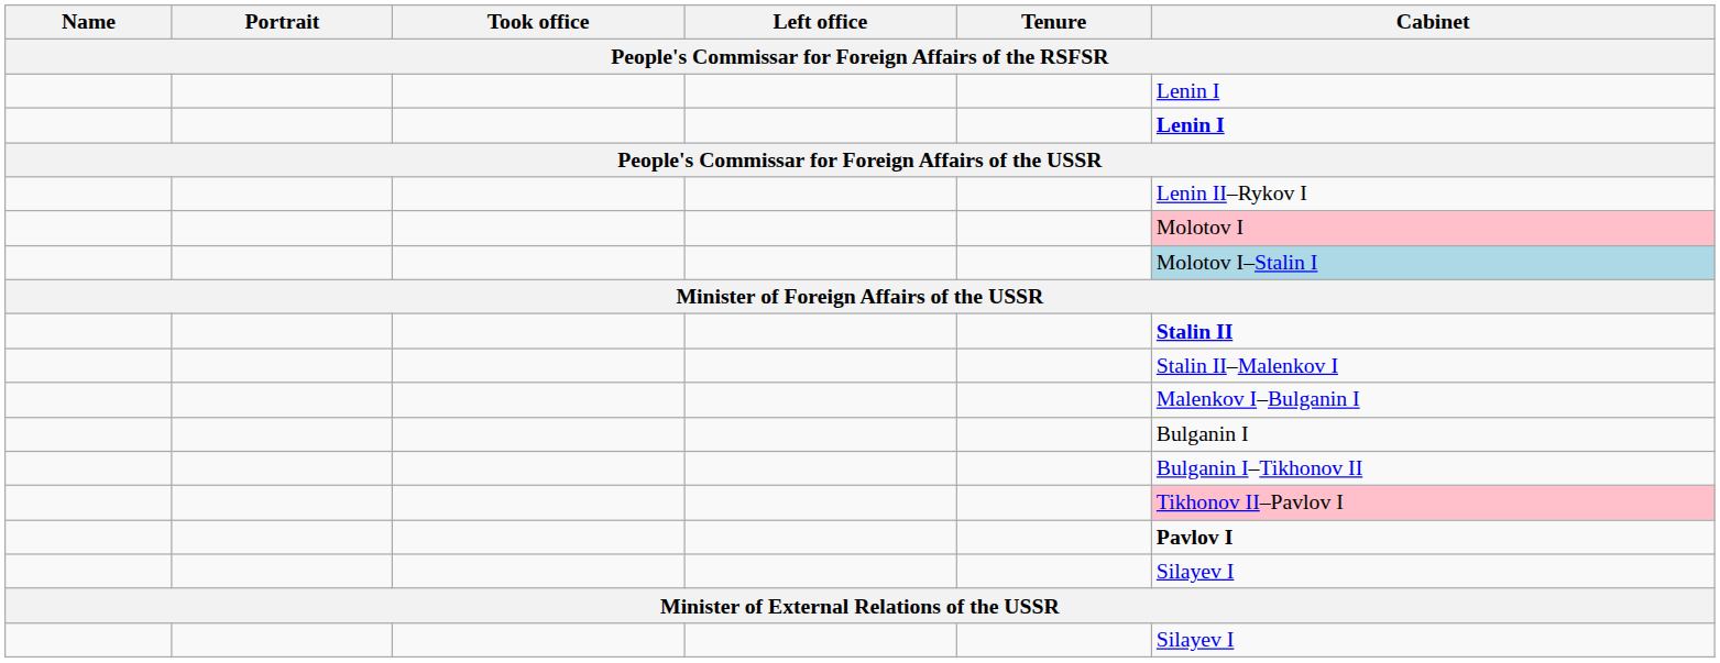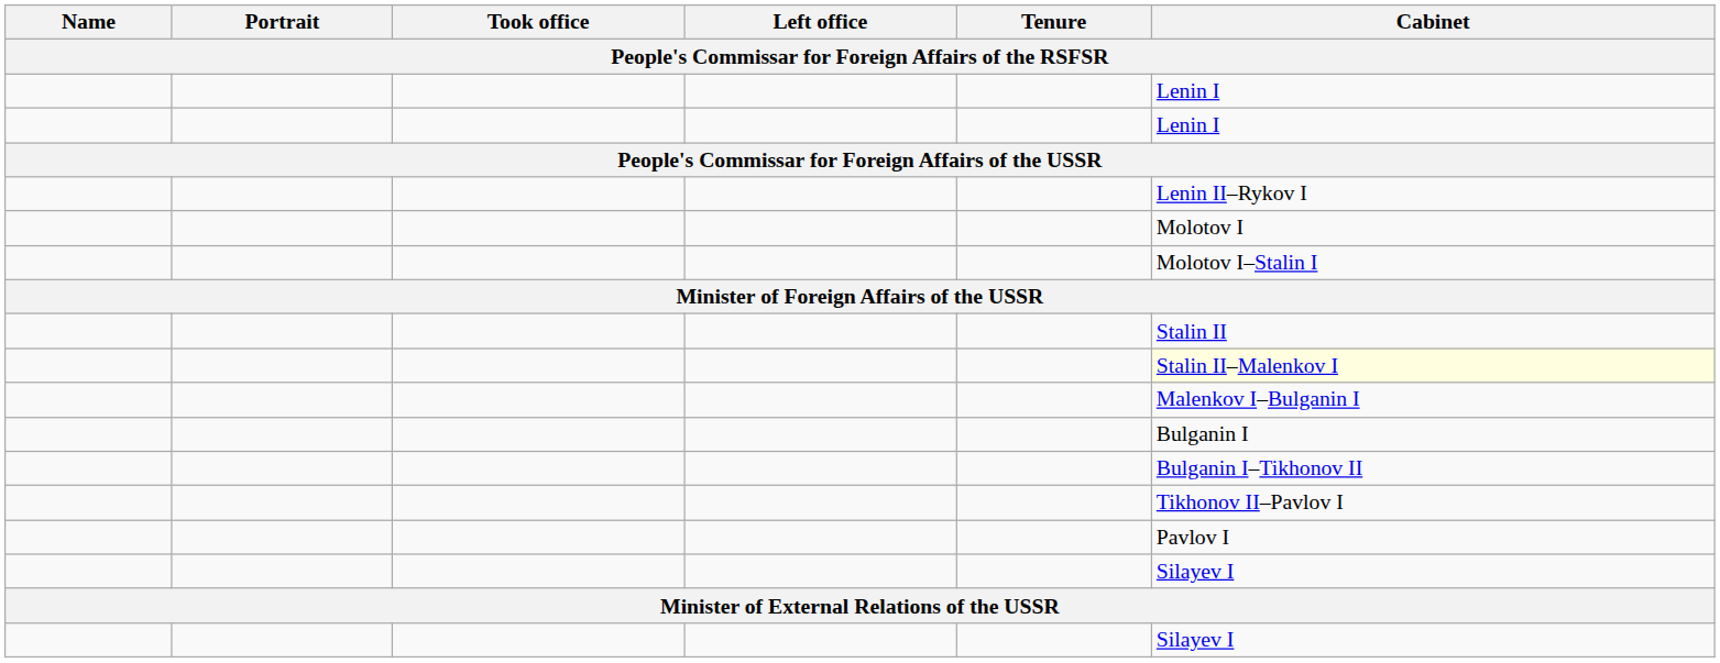 <table class="wikitable" width=100%>
 <tr>
 <th>Name</th>
 <th>Portrait</th>
 <th>Took office</th>
 <th>Left office</th>
 <th>Tenure</th>
 <th>Cabinet</th>
 </tr>
 <tr>
 <th colspan="6">People's Commissar for Foreign Affairs of the RSFSR</th>
 </tr>
 <tr>
 <td></td>
 <td></td>
 <td></td>
 <td></td>
 <td></td>
 <td><a href='#'>Lenin I</a></td>
 </tr>
 <tr>
 <td></td>
 <td></td>
 <td></td>
 <td></td>
 <td></td>
-<td><strong><a href='#'>Lenin I</a></strong></td>
+<td><a href='#'>Lenin I</a></td>
 </tr>
 <tr>
 <th colspan="6">People's Commissar for Foreign Affairs of the USSR</th>
 </tr>
 <tr>
 <td></td>
 <td></td>
 <td></td>
 <td></td>
 <td></td>
 <td><a href='#'>Lenin II</a>–Rykov I</td>
 </tr>
 <tr>
 <td></td>
 <td></td>
 <td></td>
 <td></td>
 <td></td>
-<td style="background: pink;">Molotov I</td>
+<td>Molotov I</td>
 </tr>
 <tr>
 <td></td>
 <td></td>
 <td></td>
 <td></td>
 <td></td>
-<td style="background: lightblue;">Molotov I–<a href='#'>Stalin I</a></td>
+<td>Molotov I–<a href='#'>Stalin I</a></td>
 </tr>
 <tr>
 <th colspan="6">Minister of Foreign Affairs of the USSR</th>
 </tr>
 <tr>
 <td></td>
 <td></td>
 <td></td>
 <td></td>
 <td></td>
-<td><strong><a href='#'>Stalin II</a></strong></td>
+<td><a href='#'>Stalin II</a></td>
 </tr>
 <tr>
 <td></td>
 <td></td>
 <td></td>
 <td></td>
 <td></td>
-<td><a href='#'>Stalin II</a>–<a href='#'>Malenkov I</a></td>
+<td style="background: lightyellow;"><a href='#'>Stalin II</a>–<a href='#'>Malenkov I</a></td>
 </tr>
 <tr>
 <td></td>
 <td></td>
 <td></td>
 <td></td>
 <td></td>
 <td><a href='#'>Malenkov I</a>–<a href='#'>Bulganin I</a></td>
 </tr>
 <tr>
 <td></td>
 <td></td>
 <td></td>
 <td></td>
 <td></td>
 <td>Bulganin I</td>
 </tr>
 <tr>
 <td></td>
 <td></td>
 <td></td>
 <td></td>
 <td></td>
 <td><a href='#'>Bulganin I</a>–<a href='#'>Tikhonov II</a></td>
 </tr>
 <tr>
 <td></td>
 <td></td>
 <td></td>
 <td></td>
 <td></td>
-<td style="background: pink;"><a href='#'>Tikhonov II</a>–Pavlov I</td>
+<td><a href='#'>Tikhonov II</a>–Pavlov I</td>
 </tr>
 <tr>
 <td></td>
 <td></td>
 <td></td>
 <td></td>
 <td></td>
-<td><strong>Pavlov I</strong></td>
+<td>Pavlov I</td>
 </tr>
 <tr>
 <td></td>
 <td></td>
 <td></td>
 <td></td>
 <td></td>
 <td><a href='#'>Silayev I</a></td>
 </tr>
 <tr>
 <th colspan="6">Minister of External Relations of the USSR</th>
 </tr>
 <tr>
 <td></td>
 <td></td>
 <td></td>
 <td></td>
 <td></td>
 <td><a href='#'>Silayev I</a></td>
 </tr>
 </table>
